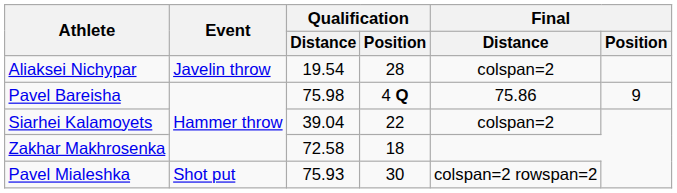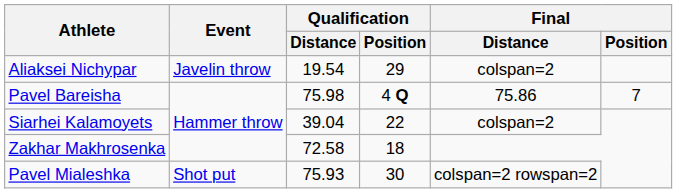 <table class=wikitable style=font-size:90%>
 <tr>
 <th rowspan=2>Athlete</th>
 <th rowspan=2>Event</th>
 <th colspan=2>Qualification</th>
 <th colspan=2>Final</th>
 </tr>
 <tr style=font-size:95%>
 <th>Distance</th>
 <th>Position</th>
 <th>Distance</th>
 <th>Position</th>
 </tr>
 <tr align=center>
 <td align=left><a href='#'>Aliaksei Nichypar</a></td>
 <td align=left><a href='#'>Javelin throw</a></td>
 <td>19.54</td>
-<td>28</td>
+<td>29</td>
 <td>colspan=2 </td>
 </tr>
 <tr align=center>
 <td align=left><a href='#'>Pavel Bareisha</a></td>
 <td align=left rowspan=3><a href='#'>Hammer throw</a></td>
 <td>75.98</td>
 <td>4 <strong>Q</strong></td>
 <td>75.86</td>
-<td>9</td>
+<td>7</td>
 </tr>
 <tr align=center>
 <td align=left><a href='#'>Siarhei Kalamoyets</a></td>
 <td>39.04</td>
 <td>22</td>
 <td>colspan=2 </td>
 </tr>
 <tr align=center>
 <td align=left><a href='#'>Zakhar Makhrosenka</a></td>
 <td>72.58</td>
 <td>18</td>
 </tr>
 <tr align=center>
 <td align=left><a href='#'>Pavel Mialeshka</a></td>
 <td align=left><a href='#'>Shot put</a></td>
 <td>75.93</td>
 <td>30</td>
 <td>colspan=2 rowspan=2 </td>
 </tr>
 </table>
